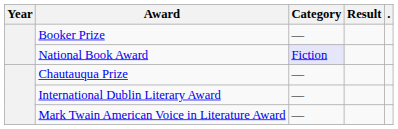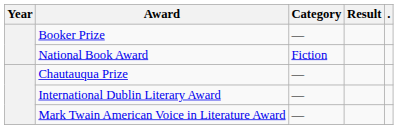 <table class="wikitable sortable">
 <tr>
 <th>Year</th>
 <th>Award</th>
 <th>Category</th>
 <th>Result</th>
 <th>.</th>
 </tr>
 <tr>
 <th rowspan="2"></th>
 <td><a href='#'>Booker Prize</a></td>
 <td>—</td>
 <td></td>
 <td></td>
 </tr>
 <tr>
 <td><a href='#'>National Book Award</a></td>
-<td style="background: lavender;"><a href='#'>Fiction</a></td>
+<td><a href='#'>Fiction</a></td>
 <td></td>
 <td></td>
 </tr>
 <tr>
 <th rowspan="3"></th>
 <td><a href='#'>Chautauqua Prize</a></td>
 <td>—</td>
 <td></td>
 <td></td>
 </tr>
 <tr>
 <td><a href='#'>International Dublin Literary Award</a></td>
 <td>—</td>
 <td></td>
 <td></td>
 </tr>
 <tr>
 <td><a href='#'>Mark Twain American Voice in Literature Award</a></td>
 <td>—</td>
 <td></td>
 <td></td>
 </tr>
 </table>
